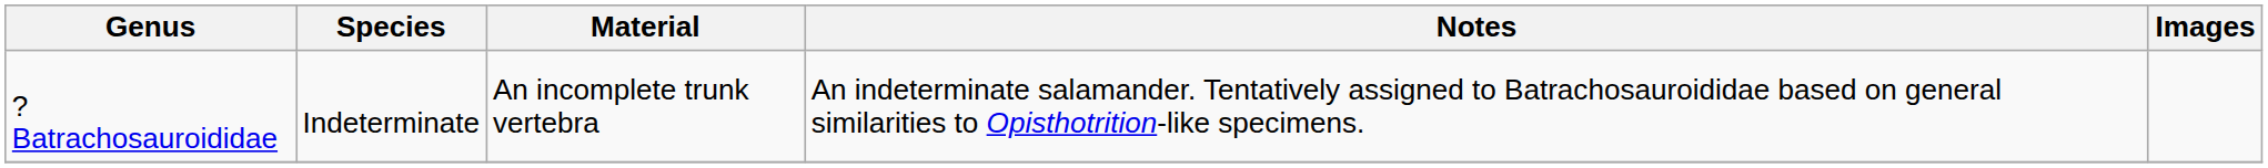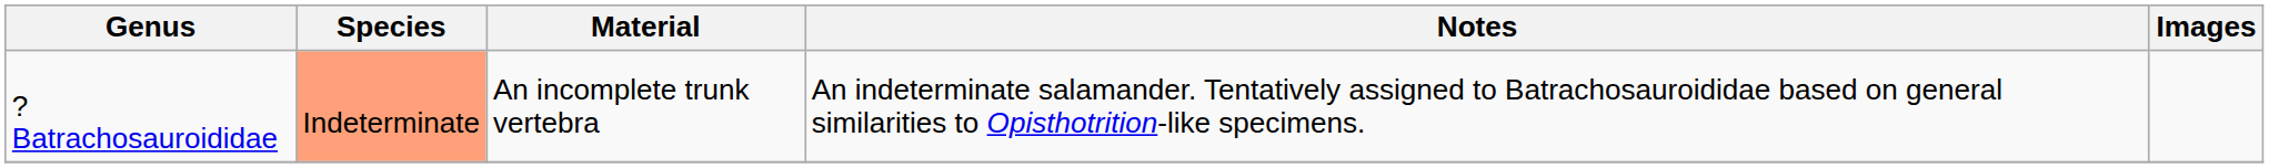 <table class="wikitable sortable">
 <tr>
 <th>Genus</th>
 <th>Species</th>
 <th>Material</th>
 <th>Notes</th>
 <th>Images</th>
 </tr>
 <tr>
 <td><br>?<a href='#'>Batrachosauroididae</a></td>
-<td><br>Indeterminate</td>
+<td style="background: lightsalmon;"><br>Indeterminate</td>
 <td>An incomplete trunk vertebra</td>
 <td>An indeterminate salamander. Tentatively assigned to Batrachosauroididae based on general similarities to <em><a href='#'>Opisthotrition</a></em>-like specimens.</td>
 <td></td>
 </tr>
 <tr>
 </tr>
 </table>
